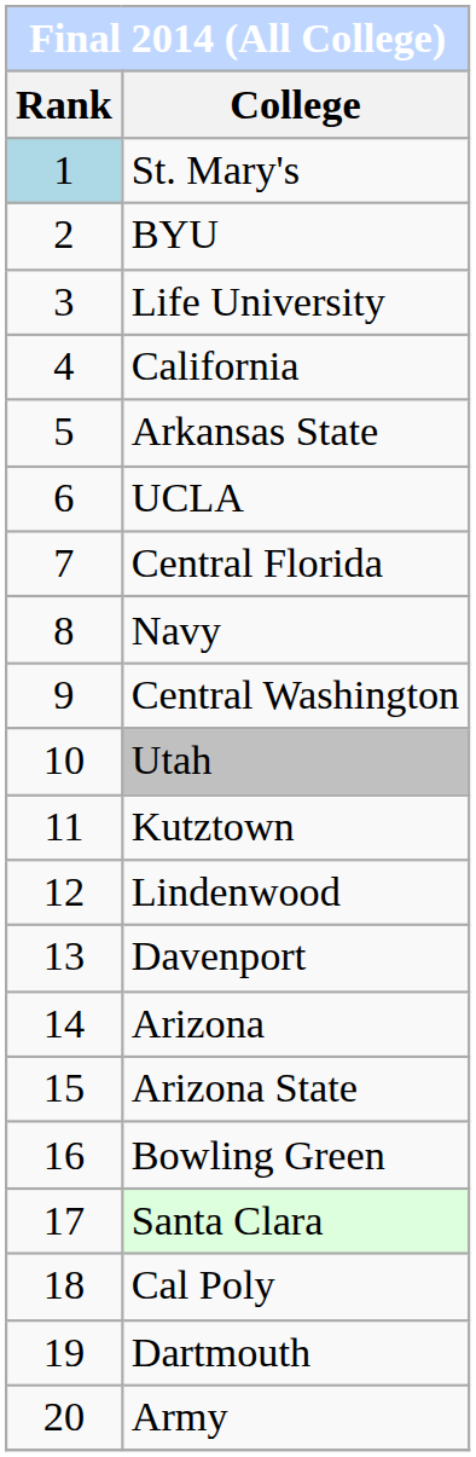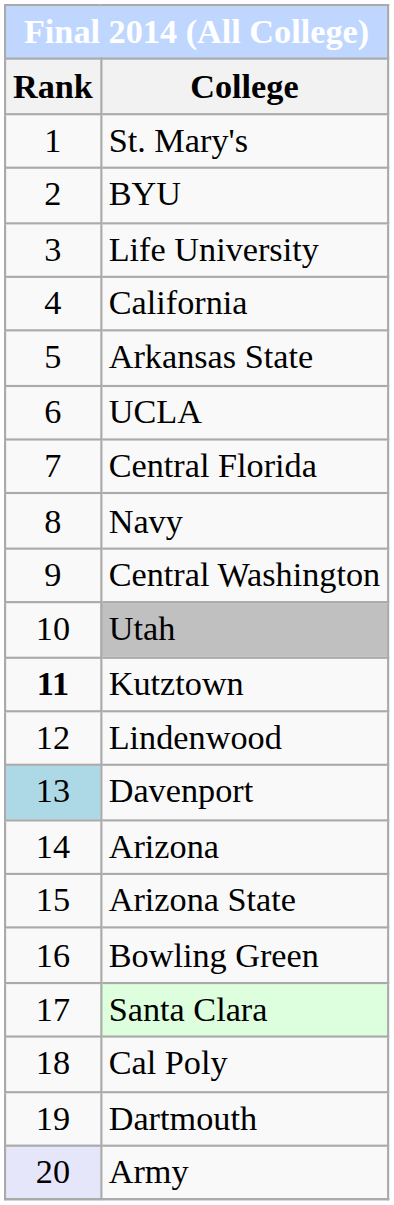 <table class="wikitable sortable collapsible collapsed">
 <tr>
 <th colspan=2 style="background:#BFD7FF;color:white">Final 2014 (All College)</th>
 </tr>
 <tr>
 <th>Rank</th>
 <th>College</th>
 </tr>
 <tr>
-<td align="center " style="background: lightblue;">1</td>
+<td align="center ">1</td>
 <td>St. Mary's</td>
 </tr>
 <tr>
 <td align="center ">2</td>
 <td>BYU</td>
 </tr>
 <tr>
 <td align="center ">3</td>
 <td>Life University</td>
 </tr>
 <tr>
 <td align="center ">4</td>
 <td>California</td>
 </tr>
 <tr>
 <td align="center ">5</td>
 <td>Arkansas State</td>
 </tr>
 <tr>
 <td align="center ">6</td>
 <td>UCLA</td>
 </tr>
 <tr>
 <td align="center ">7</td>
 <td>Central Florida</td>
 </tr>
 <tr>
 <td align="center ">8</td>
 <td>Navy</td>
 </tr>
 <tr>
 <td align="center ">9</td>
 <td>Central Washington</td>
 </tr>
 <tr>
 <td align="center ">10</td>
 <td style="background:silver">Utah</td>
 </tr>
 <tr>
-<td align="center ">11</td>
+<td align="center "><strong>11</strong></td>
 <td>Kutztown</td>
 </tr>
 <tr>
 <td align="center ">12</td>
 <td>Lindenwood</td>
 </tr>
 <tr>
-<td align="center ">13</td>
+<td align="center " style="background: lightblue;">13</td>
 <td>Davenport</td>
 </tr>
 <tr>
 <td align="center ">14</td>
 <td>Arizona</td>
 </tr>
 <tr>
 <td align="center ">15</td>
 <td>Arizona State</td>
 </tr>
 <tr>
 <td align="center ">16</td>
 <td>Bowling Green</td>
 </tr>
 <tr>
 <td align="center ">17</td>
 <td style="background:#dfd;">Santa Clara</td>
 </tr>
 <tr>
 <td align="center ">18</td>
 <td>Cal Poly</td>
 </tr>
 <tr>
 <td align="center ">19</td>
 <td>Dartmouth</td>
 </tr>
 <tr>
-<td align="center ">20</td>
+<td align="center " style="background: lavender;">20</td>
 <td>Army</td>
 </tr>
 <tr>
 </tr>
 </table>
